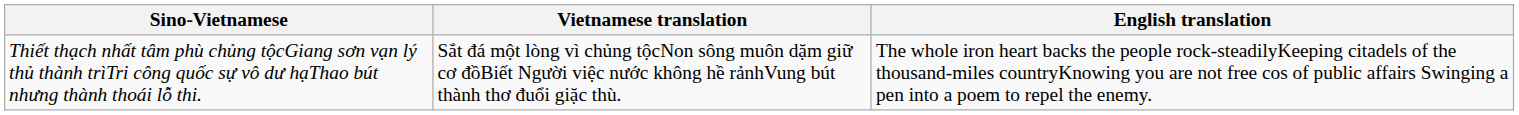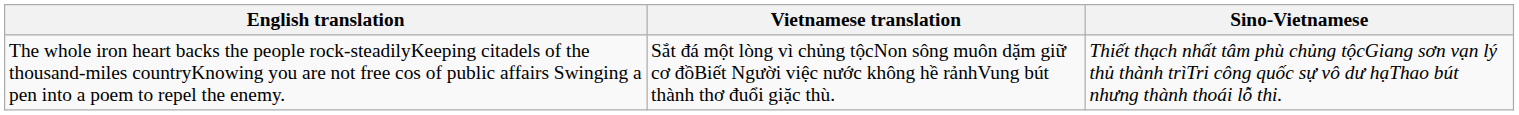 <table class="wikitable">
 <tr>
+<th>English translation</th>
+<th>Vietnamese translation</th>
 <th>Sino-Vietnamese</th>
-<th>Vietnamese translation</th>
-<th>English translation</th>
 </tr>
 <tr>
+<td>The whole iron heart backs the people rock-steadilyKeeping citadels of the thousand-miles countryKnowing you are not free cos of public affairs Swinging a pen into a poem to repel the enemy.</td>
+<td>Sắt đá một lòng vì chủng tộcNon sông muôn dặm giữ cơ đồBiết Người việc nước không hề rảnhVung bút thành thơ đuổi giặc thù.</td>
 <td><em>Thiết thạch nhất tâm phù chủng tộc</em><em>Giang sơn vạn lý thủ thành trì</em><em>Tri công quốc sự vô dư hạ</em><em>Thao bút nhưng thành thoái lỗ thi.</em></td>
-<td>Sắt đá một lòng vì chủng tộcNon sông muôn dặm giữ cơ đồBiết Người việc nước không hề rảnhVung bút thành thơ đuổi giặc thù.</td>
-<td>The whole iron heart backs the people rock-steadilyKeeping citadels of the thousand-miles countryKnowing you are not free cos of public affairs Swinging a pen into a poem to repel the enemy.</td>
 </tr>
 </table>
